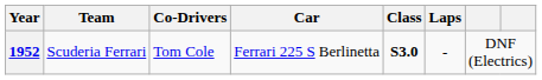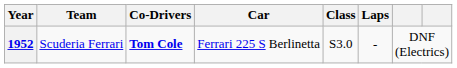 <table class="wikitable" style="text-align:center; font-size:90%">
 <tr>
 <th>Year</th>
 <th>Team</th>
 <th>Co-Drivers</th>
 <th>Car</th>
 <th>Class</th>
 <th>Laps</th>
 <th></th>
 <th></th>
 </tr>
 <tr>
 <th><a href='#'>1952</a></th>
 <td align=left> <a href='#'>Scuderia Ferrari</a></td>
-<td align=left> <a href='#'>Tom Cole</a></td>
+<td align=left><strong> <a href='#'>Tom Cole</a></strong></td>
 <td align=left><a href='#'>Ferrari 225 S</a> Berlinetta</td>
-<td><strong>S3.0</strong></td>
+<td>S3.0</td>
 <td>-</td>
 <td colspan=2>DNF<br>(Electrics)</td>
 </tr>
 </table>
